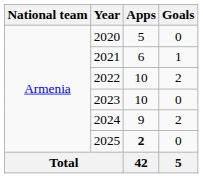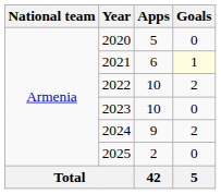 <table class="wikitable" style="text-align:center">
 <tr>
 <th>National team</th>
 <th>Year</th>
 <th>Apps</th>
 <th>Goals</th>
 </tr>
 <tr>
 <td rowspan="6"><a href='#'>Armenia</a></td>
 <td>2020</td>
 <td>5</td>
 <td>0</td>
 </tr>
 <tr>
 <td>2021</td>
 <td>6</td>
-<td>1</td>
+<td style="background: lightyellow;">1</td>
 </tr>
 <tr>
 <td>2022</td>
 <td>10</td>
 <td>2</td>
 </tr>
 <tr>
 <td>2023</td>
 <td>10</td>
 <td>0</td>
 </tr>
 <tr>
 <td>2024</td>
 <td>9</td>
 <td>2</td>
 </tr>
 <tr>
 <td>2025</td>
-<td><strong>2</strong></td>
+<td>2</td>
 <td>0</td>
 </tr>
 <tr>
 <th colspan="2">Total</th>
 <th>42</th>
 <th>5</th>
 </tr>
 </table>
